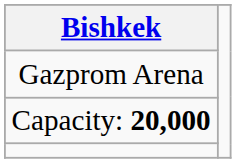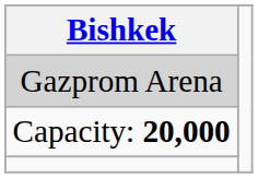 <table class="wikitable" style="text-align:center">
 <tr>
 <th><a href='#'>Bishkek</a></th>
 <td rowspan=4></td>
 </tr>
 <tr>
-<td>Gazprom Arena</td>
+<td style="background: lightgrey;">Gazprom Arena</td>
 </tr>
 <tr>
 <td>Capacity: <strong>20,000</strong></td>
 </tr>
 <tr>
 <td></td>
 </tr>
 </table>
